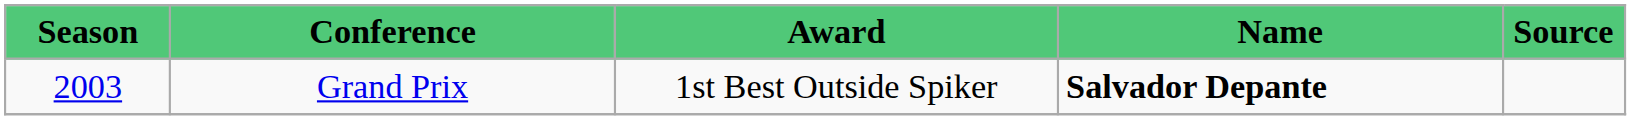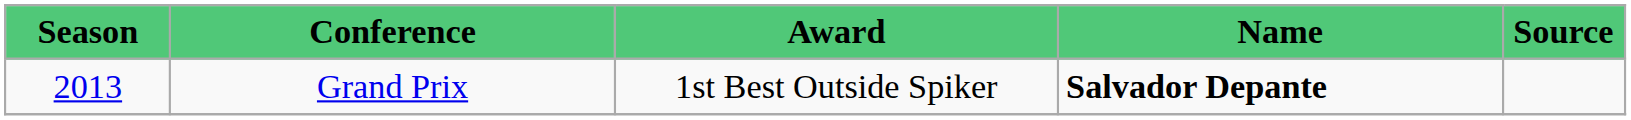 <table class="wikitable" style="text-align:center;">
 <tr>
 <th width=70px style="background: #50C878; color: black text-align: center"><strong>Season</strong></th>
 <th width=200px style="background: #50C878; color: black"><strong>Conference</strong></th>
 <th width=200px style="background: #50C878; color: black"><strong>Award</strong></th>
 <th width=200px style="background: #50C878; color: black"><strong>Name</strong></th>
 <th width=50px style="background: #50C878; color: black"><strong>Source</strong></th>
 </tr>
 <tr>
-<td rowspan=1><a href='#'>2003</a></td>
+<td rowspan=1><a href='#'>2013</a></td>
 <td rowspan=1><a href='#'>Grand Prix</a></td>
 <td>1st Best Outside Spiker</td>
 <td style="text-align:left;"><strong> Salvador Depante</strong></td>
 <td></td>
 </tr>
 <tr>
 </tr>
 </table>
